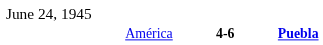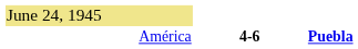 <table width=100% cellspacing=1>
 <tr>
 <th width=20%></th>
 <th width=12%></th>
 <th width=20%></th>
 <th></th>
 </tr>
 <tr>
-<td>June 24, 1945</td>
+<td style="background: khaki;">June 24, 1945</td>
 </tr>
 <tr style=font-size:90%>
 <td align=right> <a href='#'>América</a></td>
 <td align=center><strong>4-6</strong></td>
 <td align=left> <strong><a href='#'>Puebla</a></strong></td>
 </tr>
 </table>
